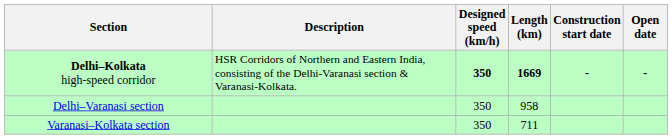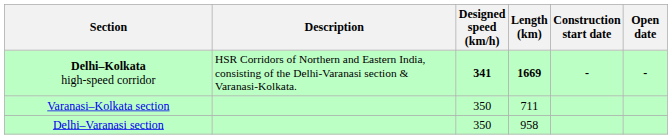 <table class="wikitable sortable" width=70% style="font-size:100%;text-align: center;">
 <tr>
 <th width="270">Section</th>
 <th>Description</th>
 <th>Designed <br> speed <br> (km/h) <br></th>
 <th>Length <br> (km) <br></th>
 <th>Construction <br> start date <br></th>
 <th>Open date <br></th>
 </tr>
 <tr style="background:#bcffc5;">
 <td style="font-size:100%;"><strong>Delhi–Kolkata</strong> <br> high-speed corridor</td>
 <td style="font-size:95%; text-align:left">HSR Corridors of Northern and Eastern India, consisting of the Delhi-Varanasi section & Varanasi-Kolkata.</td>
-<td><strong>350</strong></td>
+<td><strong>341</strong></td>
 <td><strong>1669</strong></td>
 <td><strong>-</strong></td>
 <td><strong>-</strong></td>
+</tr>
+<tr style="background:#bcffc5;">
+<td><a href='#'>Varanasi–Kolkata section</a></td>
+<td style="font-size:95%; text-align:left"></td>
+<td>350</td>
+<td>711</td>
+<td></td>
+<td></td>
 </tr>
 <tr style="background:#bcffc5;">
 <td><a href='#'>Delhi–Varanasi section</a></td>
 <td style="font-size:95%; text-align:left"></td>
 <td>350</td>
 <td>958</td>
 <td></td>
 <td></td>
 </tr>
-<tr style="background:#bcffc5;">
-<td><a href='#'>Varanasi–Kolkata section</a></td>
-<td style="font-size:95%; text-align:left"></td>
-<td>350</td>
-<td>711</td>
-<td></td>
-<td></td>
-</tr>
 </table>
